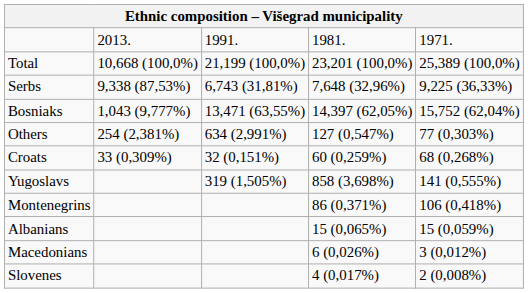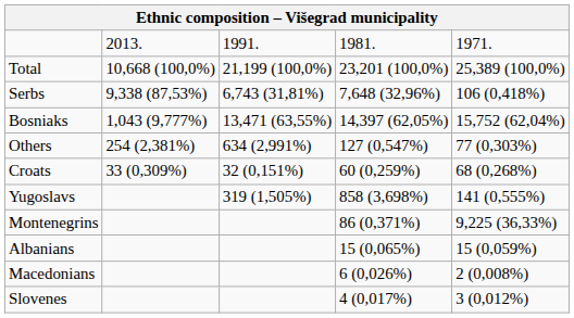 <table class="wikitable">
 <tr>
 <th colspan="8">Ethnic composition – Višegrad municipality</th>
 </tr>
 <tr>
 <td></td>
 <td>2013.</td>
 <td>1991.</td>
 <td>1981.</td>
 <td>1971.</td>
 </tr>
 <tr>
 <td>Total</td>
 <td>10,668 (100,0%)</td>
 <td>21,199 (100,0%)</td>
 <td>23,201 (100,0%)</td>
 <td>25,389 (100,0%)</td>
 </tr>
 <tr>
 <td>Serbs</td>
 <td>9,338 (87,53%)</td>
 <td>6,743 (31,81%)</td>
 <td>7,648 (32,96%)</td>
-<td>9,225 (36,33%)</td>
+<td>106 (0,418%)</td>
 </tr>
 <tr>
 <td>Bosniaks</td>
 <td>1,043 (9,777%)</td>
 <td>13,471 (63,55%)</td>
 <td>14,397 (62,05%)</td>
 <td>15,752 (62,04%)</td>
 </tr>
 <tr>
 <td>Others</td>
 <td>254 (2,381%)</td>
 <td>634 (2,991%)</td>
 <td>127 (0,547%)</td>
 <td>77 (0,303%)</td>
 </tr>
 <tr>
 <td>Croats</td>
 <td>33 (0,309%)</td>
 <td>32 (0,151%)</td>
 <td>60 (0,259%)</td>
 <td>68 (0,268%)</td>
 </tr>
 <tr>
 <td>Yugoslavs</td>
 <td></td>
 <td>319 (1,505%)</td>
 <td>858 (3,698%)</td>
 <td>141 (0,555%)</td>
 </tr>
 <tr>
 <td>Montenegrins</td>
 <td></td>
 <td></td>
 <td>86 (0,371%)</td>
-<td>106 (0,418%)</td>
+<td>9,225 (36,33%)</td>
 </tr>
 <tr>
 <td>Albanians</td>
 <td></td>
 <td></td>
 <td>15 (0,065%)</td>
 <td>15 (0,059%)</td>
 </tr>
 <tr>
 <td>Macedonians</td>
 <td></td>
 <td></td>
 <td>6 (0,026%)</td>
-<td>3 (0,012%)</td>
+<td>2 (0,008%)</td>
 </tr>
 <tr>
 <td>Slovenes</td>
 <td></td>
 <td></td>
 <td>4 (0,017%)</td>
-<td>2 (0,008%)</td>
+<td>3 (0,012%)</td>
 </tr>
 </table>
